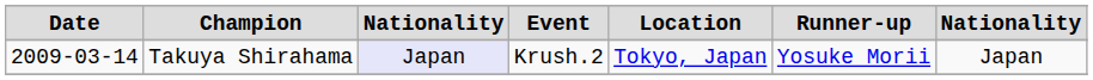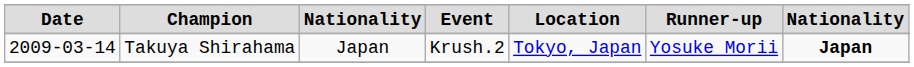 <table class="wikitable" style="text-align:center">
 <tr>
 </tr>
 <tr bgcolor="#dddddd">
 <td><strong>Date</strong></td>
 <td><strong>Champion</strong></td>
 <td><strong>Nationality</strong></td>
 <td><strong>Event</strong></td>
 <td><strong>Location</strong></td>
 <td><strong>Runner-up</strong></td>
 <td><strong>Nationality</strong></td>
 </tr>
 <tr>
 </tr>
 <tr>
 <td>2009-03-14</td>
 <td>Takuya Shirahama</td>
-<td style="background: lavender;"> Japan</td>
+<td> Japan</td>
 <td>Krush.2</td>
 <td><a href='#'>Tokyo, Japan</a></td>
 <td><a href='#'>Yosuke Morii</a></td>
-<td> Japan</td>
+<td><strong> Japan</strong></td>
 </tr>
 <tr>
 </tr>
 </table>
